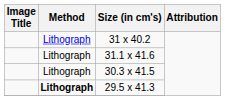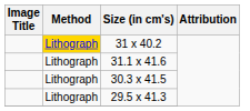 <table class="wikitable sortable" style="text-align: center">
 <tr>
 <th>Image<br>Title</th>
 <th>Method</th>
 <th>Size (in cm's)</th>
 <th>Attribution</th>
 </tr>
 <tr>
 <td></td>
-<td><a href='#'>Lithograph</a></td>
+<td style="background: gold;"><a href='#'>Lithograph</a></td>
 <td>31 x 40.2</td>
 </tr>
 <tr>
 <td></td>
 <td>Lithograph</td>
 <td>31.1 x 41.6</td>
 </tr>
 <tr>
 <td></td>
 <td>Lithograph</td>
 <td>30.3 x 41.5</td>
 </tr>
 <tr>
 <td></td>
-<td><strong>Lithograph</strong></td>
+<td>Lithograph</td>
 <td>29.5 x 41.3</td>
 </tr>
 <tr>
 </tr>
 </table>
